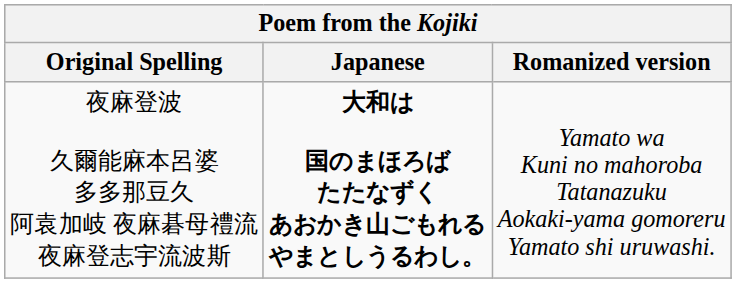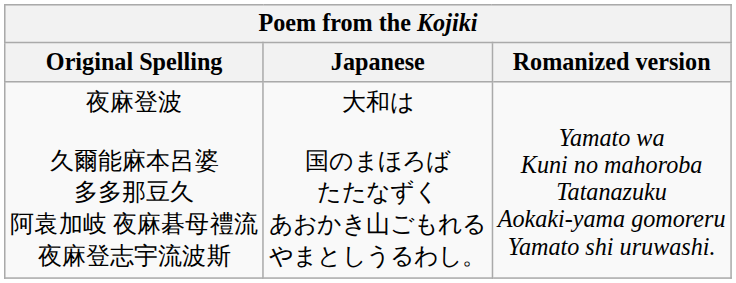 <table class="wikitable" align="center">
 <tr ---- bgcolor="#DDDDDD">
 <th colspan="3">Poem from the <em>Kojiki</em></th>
 </tr>
 <tr>
 <th align="center">Original Spelling</th>
 <th align="center">Japanese</th>
 <th align="center">Romanized version</th>
 </tr>
 <tr>
 <td align="center">夜麻登波<br><br>久爾能麻本呂婆<br> 多多那豆久<br> 阿袁加岐 夜麻碁母禮流<br> 夜麻登志宇流波斯</td>
-<td align="center"><strong>大和は<br><br>国のまほろば<br> たたなずく<br> あおかき山ごもれる<br> やまとしうるわし。</strong></td>
+<td align="center">大和は<br><br>国のまほろば<br> たたなずく<br> あおかき山ごもれる<br> やまとしうるわし。</td>
 <td align="center"><br><em>Yamato wa</em><br> <em>Kuni no mahoroba</em><br> <em>Tatanazuku</em><br> <em>Aokaki-yama gomoreru</em><br> <em>Yamato shi uruwashi.</em></td>
 </tr>
 </table>
